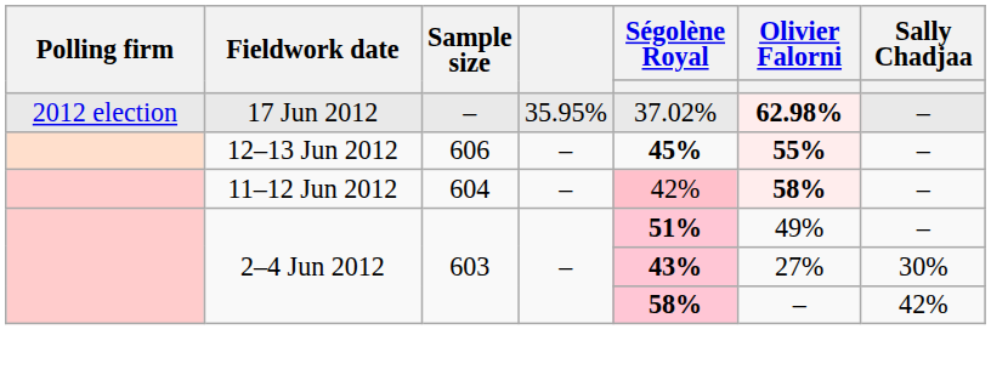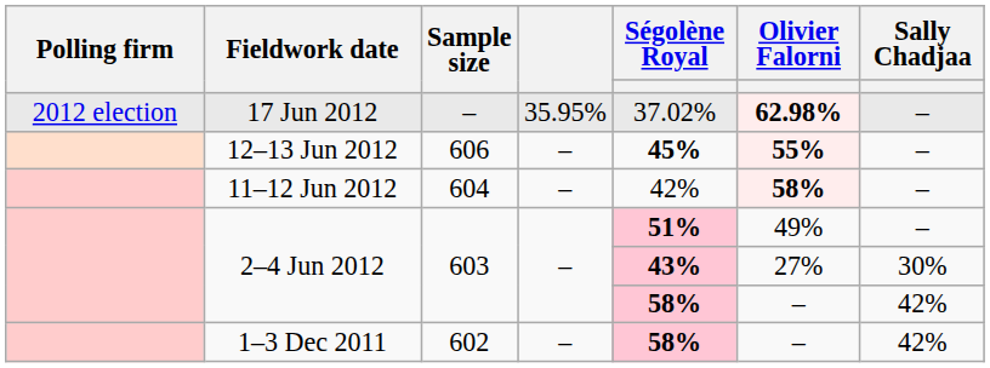 <table class="wikitable sortable" style="text-align:center;font-size:90%;line-height:14px;">
 <tr style="height:40px;">
 <th style="width:100px;" rowspan="2">Polling firm</th>
 <th style="width:110px;" rowspan="2">Fieldwork date</th>
 <th style="width:35px;" rowspan="2">Sample<br>size</th>
 <th style="width:30px;" rowspan="2"></th>
 <th class="unsortable" style="width:60px;"><a href='#'>Ségolène Royal</a><br></th>
 <th class="unsortable" style="width:60px;"><a href='#'>Olivier Falorni</a><br></th>
 <th class="unsortable" style="width:60px;">Sally Chadjaa<br></th>
 </tr>
 <tr>
 <th style="background:"></th>
 <th style="background:"></th>
 <th style="background:"></th>
 </tr>
 <tr style="background:#E9E9E9;">
 <td><a href='#'>2012 election</a></td>
 <td data-sort-value="2012-06-17">17 Jun 2012</td>
 <td>–</td>
 <td>35.95%</td>
 <td>37.02%</td>
 <td style="background:#FFEDED;"><strong>62.98%</strong></td>
 <td>–</td>
 </tr>
 <tr>
 <td style="background:#FFDFCC;"></td>
 <td data-sort-value="2012-06-13">12–13 Jun 2012</td>
 <td>606</td>
 <td>–</td>
 <td><strong>45%</strong></td>
 <td style="background:#FFEDED;"><strong>55%</strong></td>
 <td>–</td>
 </tr>
 <tr>
 <td style="background:#FFCCCC;"></td>
 <td data-sort-value="2012-06-12">11–12 Jun 2012</td>
 <td>604</td>
 <td>–</td>
-<td style="background: pink;">42%</td>
+<td>42%</td>
 <td style="background:#FFEDED;"><strong>58%</strong></td>
 <td>–</td>
 </tr>
 <tr>
 <td rowspan="3" style="background:#FFCCCC;"></td>
 <td rowspan="3" data-sort-value="2012-06-04">2–4 Jun 2012</td>
 <td rowspan="3">603</td>
 <td rowspan="3">–</td>
 <td style="background:#FFC6D5;"><strong>51%</strong></td>
 <td>49%</td>
 <td>–</td>
 </tr>
 <tr>
 <td style="background:#FFC6D5;"><strong>43%</strong></td>
 <td>27%</td>
 <td>30%</td>
 </tr>
 <tr>
 <td style="background:#FFC6D5;"><strong>58%</strong></td>
 <td>–</td>
 <td>42%</td>
 </tr>
+<tr>
+<td style="background:#FFCCCC;"></td>
+<td data-sort-value="2011-12-03">1–3 Dec 2011</td>
+<td>602</td>
+<td>–</td>
+<td style="background:#FFC6D5;"><strong>58%</strong></td>
+<td>–</td>
+<td>42%</td>
+</tr>
 </table>
